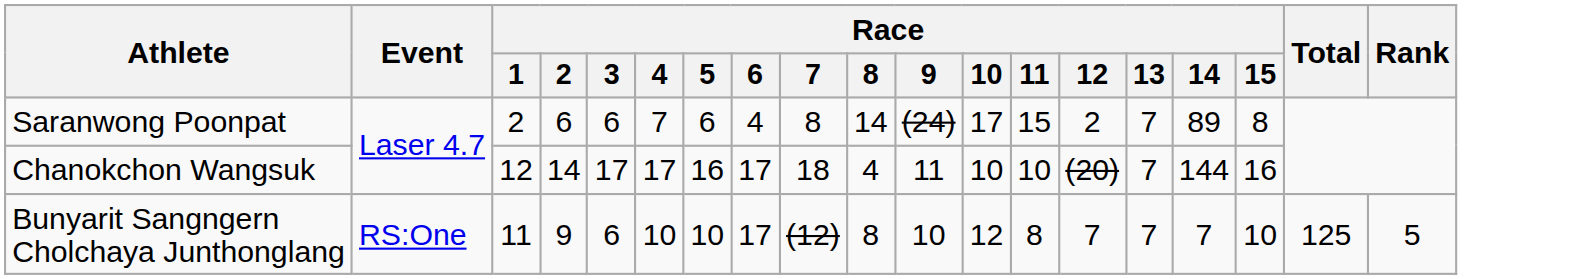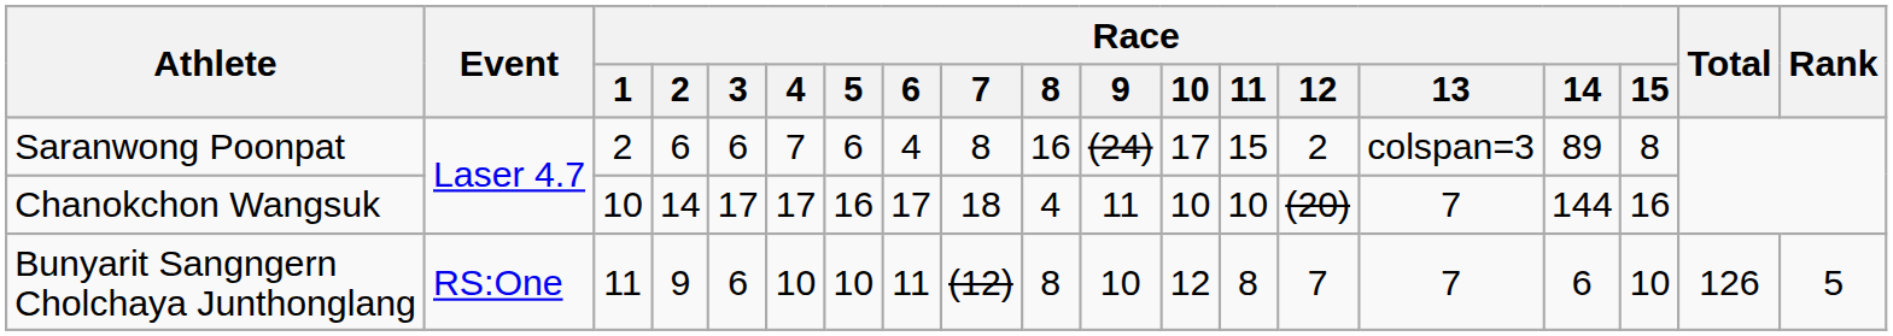 <table class=wikitable style=font-size:90%;text-align:center>
 <tr>
 <th rowspan="2">Athlete</th>
 <th rowspan="2">Event</th>
 <th colspan=15>Race</th>
 <th rowspan=2>Total</th>
 <th rowspan=2>Rank</th>
 </tr>
 <tr style="font-size:95%">
 <th>1</th>
 <th>2</th>
 <th>3</th>
 <th>4</th>
 <th>5</th>
 <th>6</th>
 <th>7</th>
 <th>8</th>
 <th>9</th>
 <th>10</th>
 <th>11</th>
 <th>12</th>
 <th>13</th>
 <th>14</th>
 <th>15</th>
 </tr>
 <tr>
 <td align=left>Saranwong Poonpat</td>
 <td align=left rowspan=2><a href='#'>Laser 4.7</a></td>
 <td>2</td>
 <td>6</td>
 <td>6</td>
 <td>7</td>
 <td>6</td>
 <td>4</td>
 <td>8</td>
-<td>14</td>
+<td>16</td>
 <td><s>(24)</s><br></td>
 <td>17</td>
 <td>15</td>
 <td>2</td>
-<td>7</td>
+<td>colspan=3 </td>
 <td>89</td>
 <td>8</td>
 </tr>
 <tr>
 <td align=left>Chanokchon Wangsuk</td>
-<td>12</td>
+<td>10</td>
 <td>14</td>
 <td>17</td>
 <td>17</td>
 <td>16</td>
 <td>17</td>
 <td>18</td>
 <td>4</td>
 <td>11</td>
 <td>10</td>
 <td>10</td>
 <td><s>(20)</s></td>
 <td>7</td>
 <td>144</td>
 <td>16</td>
 </tr>
 <tr>
 <td align=left>Bunyarit Sangngern<br>Cholchaya Junthonglang</td>
 <td align=left rowspan=2><a href='#'>RS:One</a></td>
 <td>11</td>
 <td>9</td>
 <td>6</td>
 <td>10</td>
 <td>10</td>
-<td>17</td>
+<td>11</td>
 <td><s>(12)</s></td>
 <td>8</td>
 <td>10</td>
 <td>12</td>
 <td>8</td>
 <td>7</td>
 <td>7</td>
-<td>7</td>
+<td>6</td>
 <td>10</td>
-<td>125</td>
+<td>126</td>
 <td>5</td>
 </tr>
 </table>
